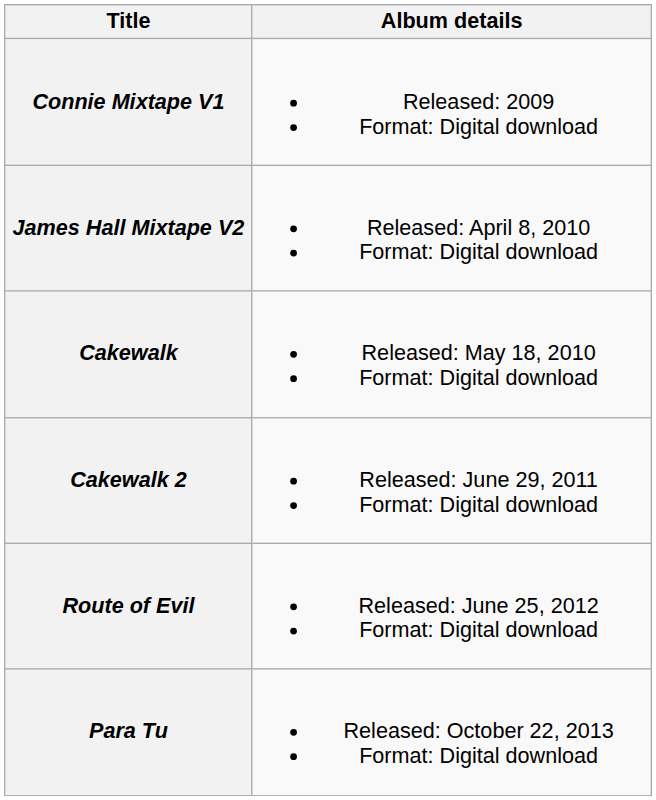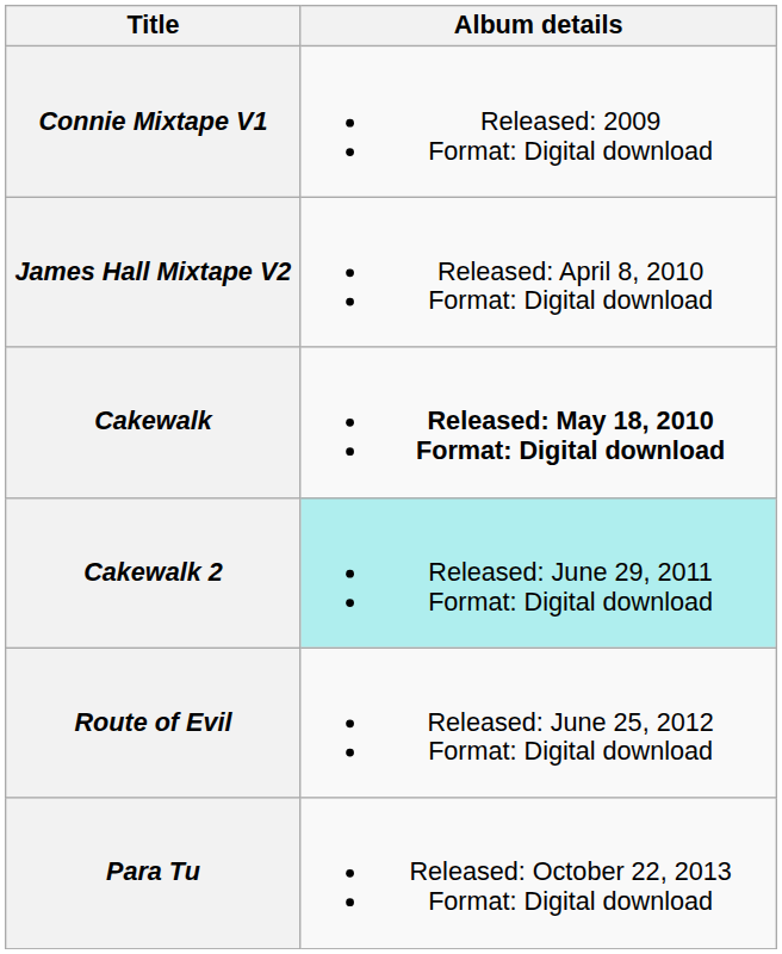 <table class="wikitable plainrowheaders" style="text-align:center;">
 <tr>
 <th scope="col" style="width:11em;">Title</th>
 <th scope="col" style="width:18em;">Album details</th>
 </tr>
 <tr>
 <th scope="row"><em>Connie Mixtape V1</em></th>
 <td><br><ul><li>Released: 2009</li><li>Format: Digital download</li></ul></td>
 </tr>
 <tr>
 <th scope="row"><em>James Hall Mixtape V2</em></th>
 <td><br><ul><li>Released: April 8, 2010</li><li>Format: Digital download</li></ul></td>
 </tr>
 <tr>
 <th scope="row"><em>Cakewalk</em></th>
-<td><br><ul><li>Released: May 18, 2010</li><li>Format: Digital download</li></ul></td>
+<td><strong><br><ul><li>Released: May 18, 2010</li><li>Format: Digital download</li></ul></strong></td>
 </tr>
 <tr>
 <th scope="row"><em>Cakewalk 2</em></th>
-<td><br><ul><li>Released: June 29, 2011</li><li>Format: Digital download</li></ul></td>
+<td style="background: paleturquoise;"><br><ul><li>Released: June 29, 2011</li><li>Format: Digital download</li></ul></td>
 </tr>
 <tr>
 <th scope="row"><em>Route of Evil</em></th>
 <td><br><ul><li>Released: June 25, 2012</li><li>Format: Digital download</li></ul></td>
 </tr>
 <tr>
 <th scope="row"><em>Para Tu</em></th>
 <td><br><ul><li>Released: October 22, 2013</li><li>Format: Digital download</li></ul></td>
 </tr>
 </table>
